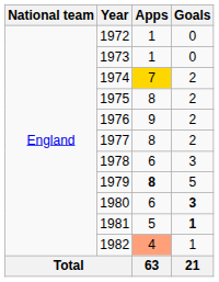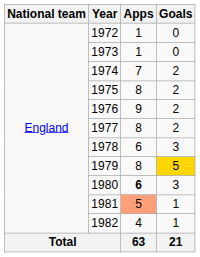 <table class="wikitable" style="text-align:center">
 <tr>
 <th>National team</th>
 <th>Year</th>
 <th>Apps</th>
 <th>Goals</th>
 </tr>
 <tr>
 <td rowspan="11"><a href='#'>England</a></td>
 <td>1972</td>
 <td>1</td>
 <td>0</td>
 </tr>
 <tr>
 <td>1973</td>
 <td>1</td>
 <td>0</td>
 </tr>
 <tr>
 <td>1974</td>
-<td style="background: gold;">7</td>
+<td>7</td>
 <td>2</td>
 </tr>
 <tr>
 <td>1975</td>
 <td>8</td>
 <td>2</td>
 </tr>
 <tr>
 <td>1976</td>
 <td>9</td>
 <td>2</td>
 </tr>
 <tr>
 <td>1977</td>
 <td>8</td>
 <td>2</td>
 </tr>
 <tr>
 <td>1978</td>
 <td>6</td>
 <td>3</td>
 </tr>
 <tr>
 <td>1979</td>
-<td><strong>8</strong></td>
-<td>5</td>
+<td>8</td>
+<td style="background: gold;">5</td>
 </tr>
 <tr>
 <td>1980</td>
-<td>6</td>
-<td><strong>3</strong></td>
+<td><strong>6</strong></td>
+<td>3</td>
 </tr>
 <tr>
 <td>1981</td>
-<td>5</td>
-<td><strong>1</strong></td>
+<td style="background: lightsalmon;">5</td>
+<td>1</td>
 </tr>
 <tr>
 <td>1982</td>
-<td style="background: lightsalmon;">4</td>
+<td>4</td>
 <td>1</td>
 </tr>
 <tr>
 <th colspan="2">Total</th>
 <th>63</th>
 <th>21</th>
 </tr>
 </table>
